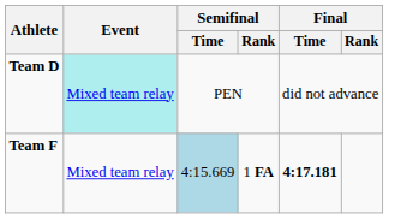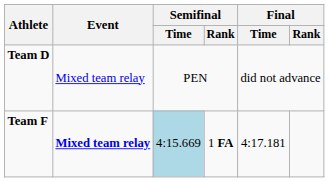 <table class="wikitable" style="font-size:90%">
 <tr>
 <th rowspan=2>Athlete</th>
 <th rowspan=2>Event</th>
 <th colspan=2>Semifinal</th>
 <th colspan=2>Final</th>
 </tr>
 <tr style="font-size:95%">
 <th>Time</th>
 <th>Rank</th>
 <th>Time</th>
 <th>Rank</th>
 </tr>
 <tr align=center>
 <td align=left><strong>Team D</strong><br><br><br><br></td>
-<td align=left style="background: paleturquoise;"><a href='#'>Mixed team relay</a></td>
+<td align=left><a href='#'>Mixed team relay</a></td>
 <td colspan=2>PEN</td>
 <td colspan=2>did not advance</td>
 </tr>
 <tr align=center>
 <td align=left><strong>Team F</strong><br><br><br><br></td>
-<td align=left><a href='#'>Mixed team relay</a></td>
+<td align=left><strong><a href='#'>Mixed team relay</a></strong></td>
 <td style="background: lightblue;">4:15.669</td>
 <td>1 <strong>FA</strong></td>
-<td><strong>4:17.181</strong></td>
+<td>4:17.181</td>
 <td></td>
 </tr>
 </table>
